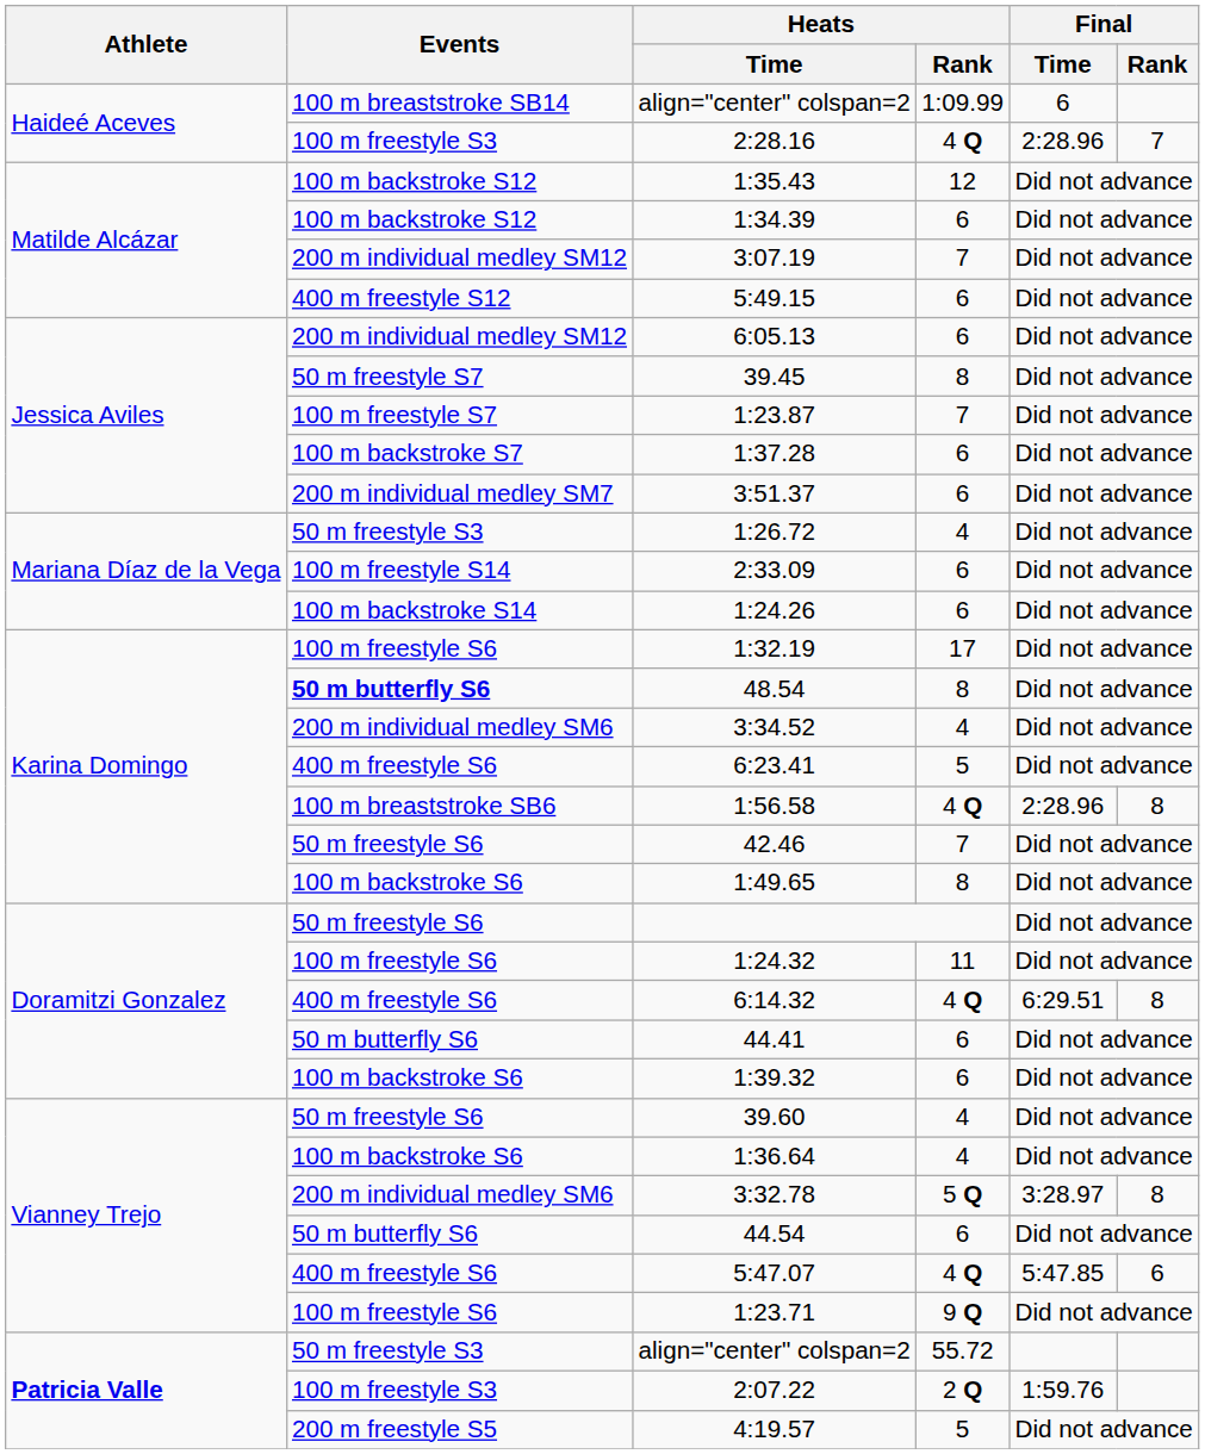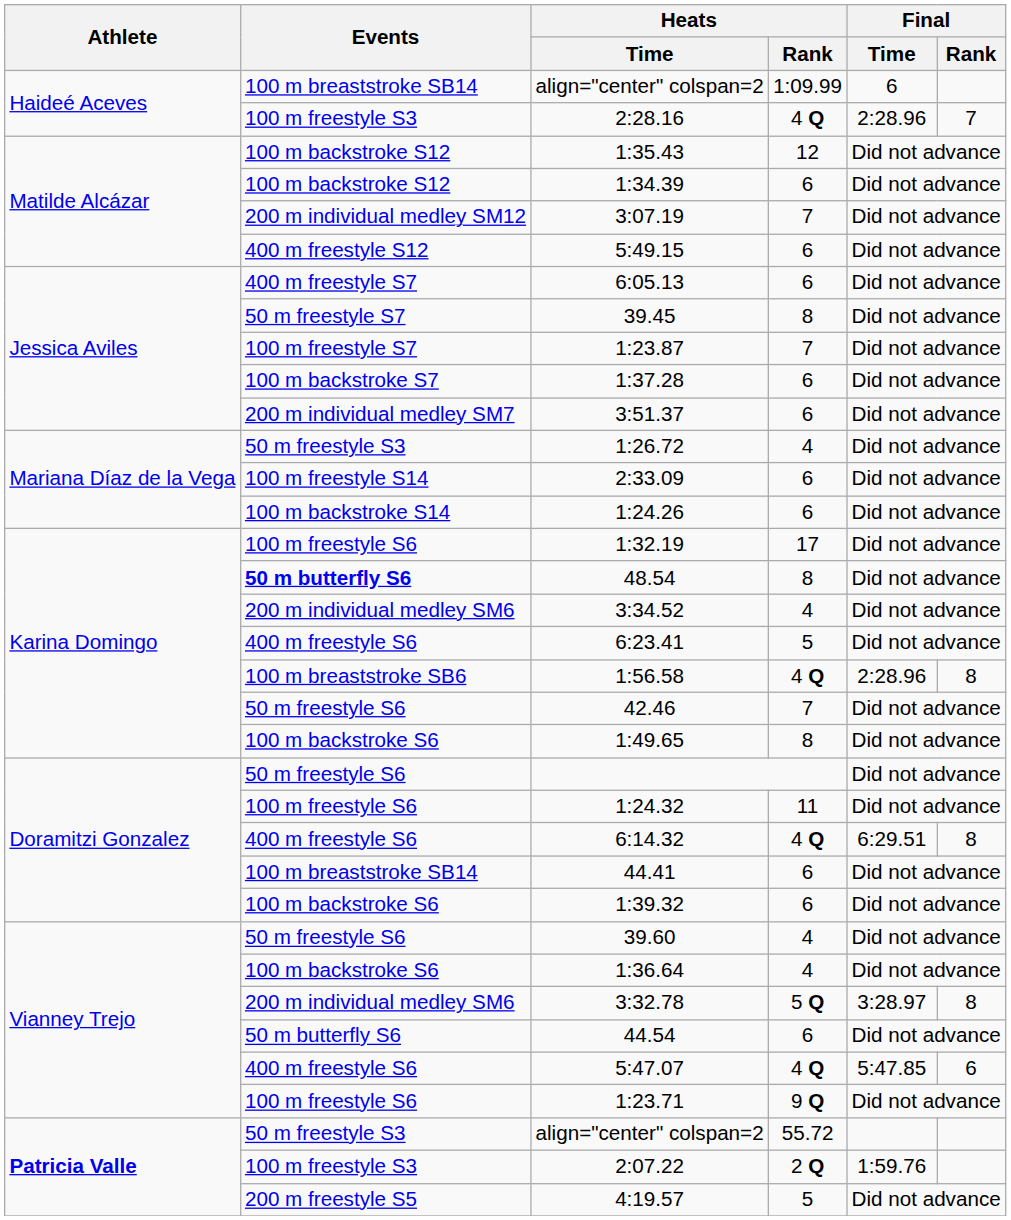 <table class=wikitable>
 <tr>
 <th rowspan="2">Athlete</th>
 <th rowspan="2">Events</th>
 <th colspan="2">Heats</th>
 <th colspan="2">Final</th>
 </tr>
 <tr>
 <th>Time</th>
 <th>Rank</th>
 <th>Time</th>
 <th>Rank</th>
 </tr>
 <tr>
 <td rowspan="2"><a href='#'>Haideé Aceves</a></td>
 <td><a href='#'>100 m breaststroke SB14</a></td>
 <td>align="center" colspan=2 </td>
 <td align="center">1:09.99</td>
 <td align="center">6</td>
 </tr>
 <tr>
 <td><a href='#'>100 m freestyle S3</a></td>
 <td align="center">2:28.16</td>
 <td align="center">4 <strong>Q</strong></td>
 <td align="center">2:28.96</td>
 <td align="center">7</td>
 </tr>
 <tr>
 <td rowspan="4"><a href='#'>Matilde Alcázar</a></td>
 <td><a href='#'>100 m backstroke S12</a></td>
 <td align="center">1:35.43</td>
 <td align="center">12</td>
 <td align="center" colspan=2>Did not advance</td>
 </tr>
 <tr>
 <td><a href='#'>100 m backstroke S12</a></td>
 <td align="center">1:34.39</td>
 <td align="center">6</td>
 <td align="center" colspan=2>Did not advance</td>
 </tr>
 <tr>
 <td><a href='#'>200 m individual medley SM12</a></td>
 <td align="center">3:07.19</td>
 <td align="center">7</td>
 <td align="center" colspan=2>Did not advance</td>
 </tr>
 <tr>
 <td><a href='#'>400 m freestyle S12</a></td>
 <td align="center">5:49.15</td>
 <td align="center">6</td>
 <td align="center" colspan=2>Did not advance</td>
 </tr>
 <tr>
 <td rowspan="5"><a href='#'>Jessica Aviles</a></td>
-<td><a href='#'>200 m individual medley SM12</a></td>
+<td><a href='#'>400 m freestyle S7</a></td>
 <td align="center">6:05.13</td>
 <td align="center">6</td>
 <td align="center" colspan=2>Did not advance</td>
 </tr>
 <tr>
 <td><a href='#'>50 m freestyle S7</a></td>
 <td align="center">39.45</td>
 <td align="center">8</td>
 <td align="center" colspan=2>Did not advance</td>
 </tr>
 <tr>
 <td><a href='#'>100 m freestyle S7</a></td>
 <td align="center">1:23.87</td>
 <td align="center">7</td>
 <td align="center" colspan=2>Did not advance</td>
 </tr>
 <tr>
 <td><a href='#'>100 m backstroke S7</a></td>
 <td align="center">1:37.28</td>
 <td align="center">6</td>
 <td align="center" colspan=2>Did not advance</td>
 </tr>
 <tr>
 <td><a href='#'>200 m individual medley SM7</a></td>
 <td align="center">3:51.37</td>
 <td align="center">6</td>
 <td align="center" colspan=2>Did not advance</td>
 </tr>
 <tr>
 <td rowspan="3"><a href='#'>Mariana Díaz de la Vega</a></td>
 <td><a href='#'>50 m freestyle S3</a></td>
 <td align="center">1:26.72</td>
 <td align="center">4</td>
 <td align="center" colspan=2>Did not advance</td>
 </tr>
 <tr>
 <td><a href='#'>100 m freestyle S14</a></td>
 <td align="center">2:33.09</td>
 <td align="center">6</td>
 <td align="center" colspan=2>Did not advance</td>
 </tr>
 <tr>
 <td><a href='#'>100 m backstroke S14</a></td>
 <td align="center">1:24.26</td>
 <td align="center">6</td>
 <td align="center" colspan=2>Did not advance</td>
 </tr>
 <tr>
 <td rowspan="7"><a href='#'>Karina Domingo</a></td>
 <td><a href='#'>100 m freestyle S6</a></td>
 <td align="center">1:32.19</td>
 <td align="center">17</td>
 <td align="center" colspan=2>Did not advance</td>
 </tr>
 <tr>
 <td><strong><a href='#'>50 m butterfly S6</a></strong></td>
 <td align="center">48.54</td>
 <td align="center">8</td>
 <td align="center" colspan=2>Did not advance</td>
 </tr>
 <tr>
 <td><a href='#'>200 m individual medley SM6</a></td>
 <td align="center">3:34.52</td>
 <td align="center">4</td>
 <td align="center" colspan=2>Did not advance</td>
 </tr>
 <tr>
 <td><a href='#'>400 m freestyle S6</a></td>
 <td align="center">6:23.41</td>
 <td align="center">5</td>
 <td align="center" colspan=2>Did not advance</td>
 </tr>
 <tr>
 <td><a href='#'>100 m breaststroke SB6</a></td>
 <td align="center">1:56.58</td>
 <td align="center">4 <strong>Q</strong></td>
 <td align="center">2:28.96</td>
 <td align="center">8</td>
 </tr>
 <tr>
 <td><a href='#'>50 m freestyle S6</a></td>
 <td align="center">42.46</td>
 <td align="center">7</td>
 <td align="center" colspan=2>Did not advance</td>
 </tr>
 <tr>
 <td><a href='#'>100 m backstroke S6</a></td>
 <td align="center">1:49.65</td>
 <td align="center">8</td>
 <td align="center" colspan=2>Did not advance</td>
 </tr>
 <tr>
 <td rowspan="5"><a href='#'>Doramitzi Gonzalez</a></td>
 <td><a href='#'>50 m freestyle S6</a></td>
 <td align="center" colspan=2></td>
 <td align="center" colspan=2>Did not advance</td>
 </tr>
 <tr>
 <td><a href='#'>100 m freestyle S6</a></td>
 <td align="center">1:24.32</td>
 <td align="center">11</td>
 <td align="center" colspan=2>Did not advance</td>
 </tr>
 <tr>
 <td><a href='#'>400 m freestyle S6</a></td>
 <td align="center">6:14.32</td>
 <td align="center">4 <strong>Q</strong></td>
 <td align="center">6:29.51</td>
 <td align="center">8</td>
 </tr>
 <tr>
-<td><a href='#'>50 m butterfly S6</a></td>
+<td><a href='#'>100 m breaststroke SB14</a></td>
 <td align="center">44.41</td>
 <td align="center">6</td>
 <td align="center" colspan=2>Did not advance</td>
 </tr>
 <tr>
 <td><a href='#'>100 m backstroke S6</a></td>
 <td align="center">1:39.32</td>
 <td align="center">6</td>
 <td align="center" colspan=2>Did not advance</td>
 </tr>
 <tr>
 <td rowspan="6"><a href='#'>Vianney Trejo</a></td>
 <td><a href='#'>50 m freestyle S6</a></td>
 <td align="center">39.60</td>
 <td align="center">4</td>
 <td align="center" colspan=2>Did not advance</td>
 </tr>
 <tr>
 <td><a href='#'>100 m backstroke S6</a></td>
 <td align="center">1:36.64</td>
 <td align="center">4</td>
 <td align="center" colspan=2>Did not advance</td>
 </tr>
 <tr>
 <td><a href='#'>200 m individual medley SM6</a></td>
 <td align="center">3:32.78</td>
 <td align="center">5 <strong>Q</strong></td>
 <td align="center">3:28.97</td>
 <td align="center">8</td>
 </tr>
 <tr>
 <td><a href='#'>50 m butterfly S6</a></td>
 <td align="center">44.54</td>
 <td align="center">6</td>
 <td align="center" colspan=2>Did not advance</td>
 </tr>
 <tr>
 <td><a href='#'>400 m freestyle S6</a></td>
 <td align="center">5:47.07</td>
 <td align="center">4 <strong>Q</strong></td>
 <td align="center">5:47.85</td>
 <td align="center">6</td>
 </tr>
 <tr>
 <td><a href='#'>100 m freestyle S6</a></td>
 <td align="center">1:23.71</td>
 <td align="center">9 <strong>Q</strong></td>
 <td align="center" colspan=2>Did not advance</td>
 </tr>
 <tr>
 <td rowspan="3"><strong><a href='#'>Patricia Valle</a></strong></td>
 <td><a href='#'>50 m freestyle S3</a></td>
 <td>align="center" colspan=2 </td>
 <td align="center">55.72</td>
 <td align="center"></td>
 </tr>
 <tr>
 <td><a href='#'>100 m freestyle S3</a></td>
 <td align="center">2:07.22</td>
 <td align="center">2 <strong>Q</strong></td>
 <td align="center">1:59.76</td>
 <td align="center"></td>
 </tr>
 <tr>
 <td><a href='#'>200 m freestyle S5</a></td>
 <td align="center">4:19.57</td>
 <td align="center">5</td>
 <td align="center" colspan=2>Did not advance</td>
 </tr>
 </table>
